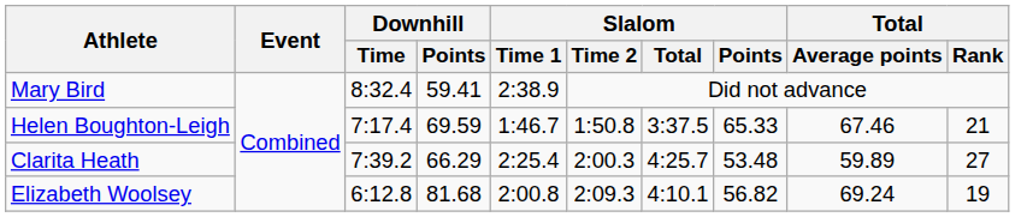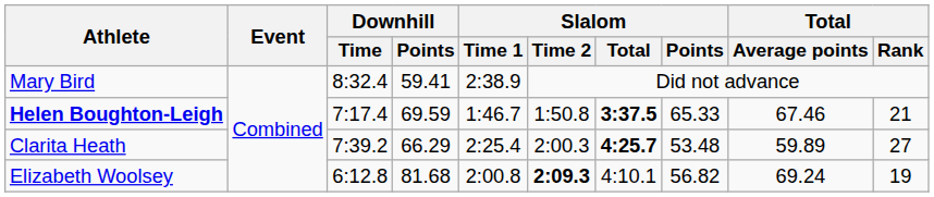 <table class=wikitable style=font-size:90%;text-align:center>
 <tr>
 <th rowspan=2>Athlete</th>
 <th rowspan=2>Event</th>
 <th colspan=2>Downhill</th>
 <th colspan=4>Slalom</th>
 <th colspan=2>Total</th>
 </tr>
 <tr style=font-size:95%>
 <th>Time</th>
 <th>Points</th>
 <th>Time 1</th>
 <th>Time 2</th>
 <th>Total</th>
 <th>Points</th>
 <th>Average points</th>
 <th>Rank</th>
 </tr>
 <tr>
 <td align=left><a href='#'>Mary Bird</a></td>
 <td align=left rowspan=4><a href='#'>Combined</a></td>
 <td>8:32.4</td>
 <td>59.41</td>
 <td>2:38.9</td>
 <td colspan=5>Did not advance</td>
 </tr>
 <tr>
-<td align=left><a href='#'>Helen Boughton-Leigh</a></td>
+<td align=left><strong><a href='#'>Helen Boughton-Leigh</a></strong></td>
 <td>7:17.4</td>
 <td>69.59</td>
 <td>1:46.7</td>
 <td>1:50.8</td>
-<td>3:37.5</td>
+<td><strong>3:37.5</strong></td>
 <td>65.33</td>
 <td>67.46</td>
 <td>21</td>
 </tr>
 <tr>
 <td align=left><a href='#'>Clarita Heath</a></td>
 <td>7:39.2</td>
 <td>66.29</td>
 <td>2:25.4</td>
 <td>2:00.3</td>
-<td>4:25.7</td>
+<td><strong>4:25.7</strong></td>
 <td>53.48</td>
 <td>59.89</td>
 <td>27</td>
 </tr>
 <tr>
 <td align=left><a href='#'>Elizabeth Woolsey</a></td>
 <td>6:12.8</td>
 <td>81.68</td>
 <td>2:00.8</td>
-<td>2:09.3</td>
+<td><strong>2:09.3</strong></td>
 <td>4:10.1</td>
 <td>56.82</td>
 <td>69.24</td>
 <td>19</td>
 </tr>
 </table>
